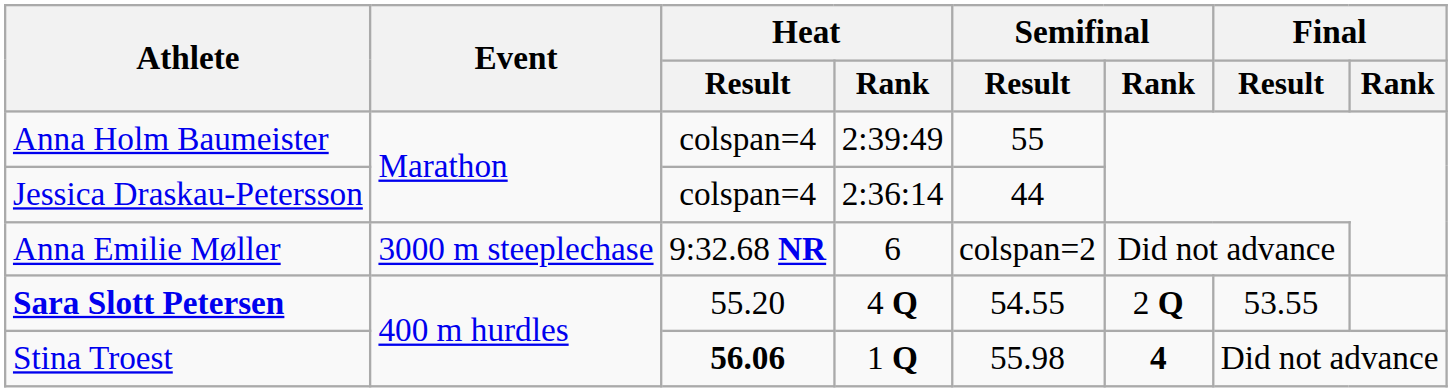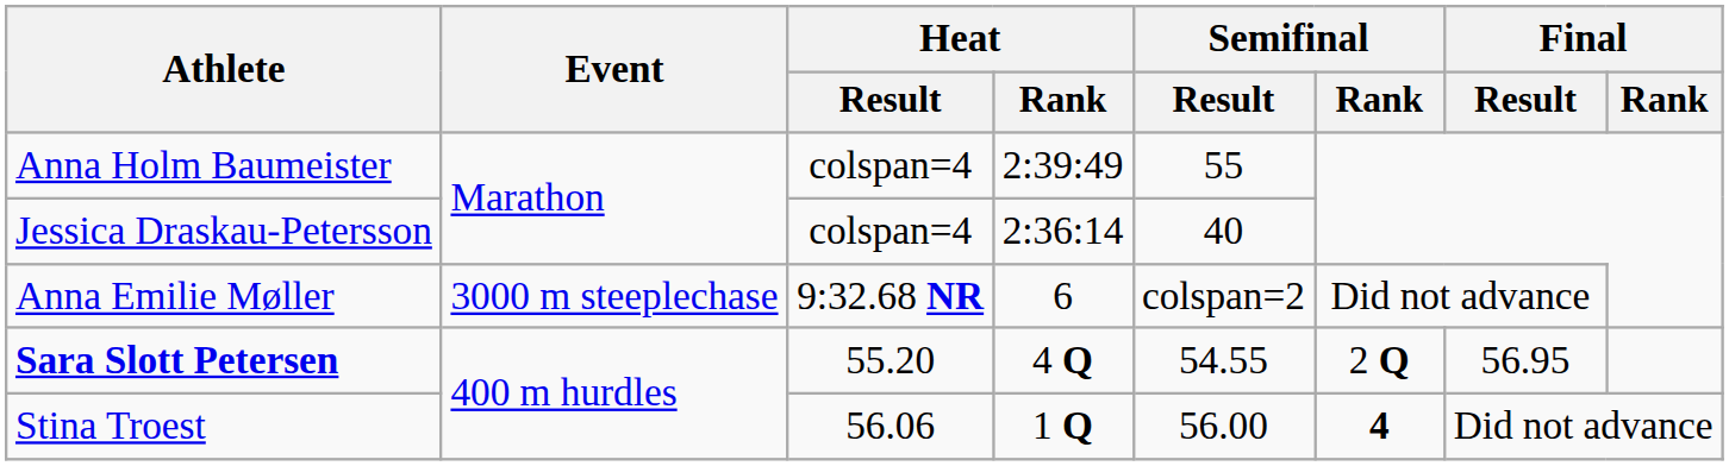 <table class="wikitable" style="font-size:90%">
 <tr>
 <th rowspan="2">Athlete</th>
 <th rowspan="2">Event</th>
 <th colspan="2">Heat</th>
 <th colspan="2">Semifinal</th>
 <th colspan="2">Final</th>
 </tr>
 <tr style="font-size:95%">
 <th>Result</th>
 <th>Rank</th>
 <th>Result</th>
 <th>Rank</th>
 <th>Result</th>
 <th>Rank</th>
 </tr>
 <tr align=center>
 <td align=left><a href='#'>Anna Holm Baumeister</a></td>
 <td align=left rowspan=2><a href='#'>Marathon</a></td>
 <td>colspan=4 </td>
 <td>2:39:49</td>
 <td>55</td>
 </tr>
 <tr align=center>
 <td align=left><a href='#'>Jessica Draskau-Petersson</a></td>
 <td>colspan=4 </td>
 <td>2:36:14</td>
-<td>44</td>
+<td>40</td>
 </tr>
 <tr align=center>
 <td align=left><a href='#'>Anna Emilie Møller</a></td>
 <td align=left><a href='#'>3000 m steeplechase</a></td>
 <td>9:32.68 <strong><a href='#'>NR</a></strong></td>
 <td>6</td>
 <td>colspan=2 </td>
 <td colspan=2>Did not advance</td>
 </tr>
 <tr align=center>
 <td align=left><strong><a href='#'>Sara Slott Petersen</a></strong></td>
 <td align=left rowspan=2><a href='#'>400 m hurdles</a></td>
 <td>55.20</td>
 <td>4 <strong>Q</strong></td>
 <td>54.55</td>
 <td>2 <strong>Q</strong></td>
-<td>53.55</td>
+<td>56.95</td>
 <td></td>
 </tr>
 <tr align=center>
 <td align=left><a href='#'>Stina Troest</a></td>
-<td><strong>56.06</strong></td>
+<td>56.06</td>
 <td>1 <strong>Q</strong></td>
-<td>55.98</td>
+<td>56.00</td>
 <td><strong>4</strong></td>
 <td colspan=2>Did not advance</td>
 </tr>
 </table>
